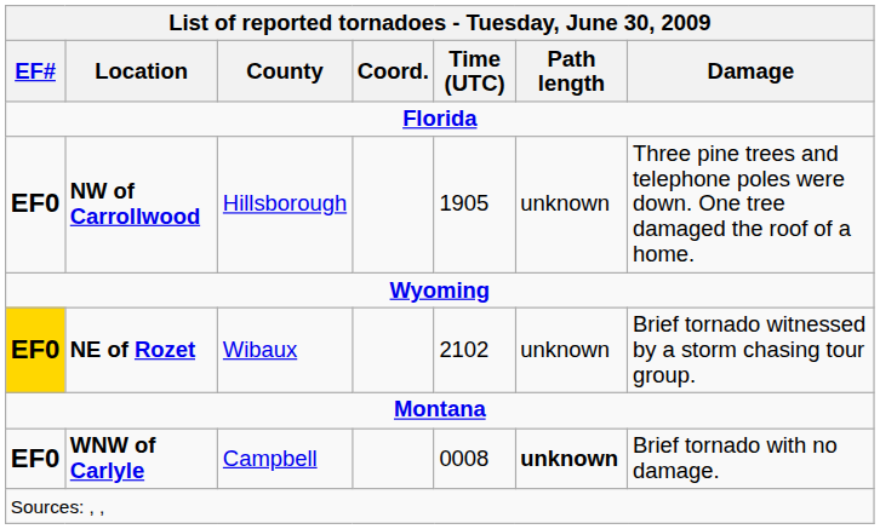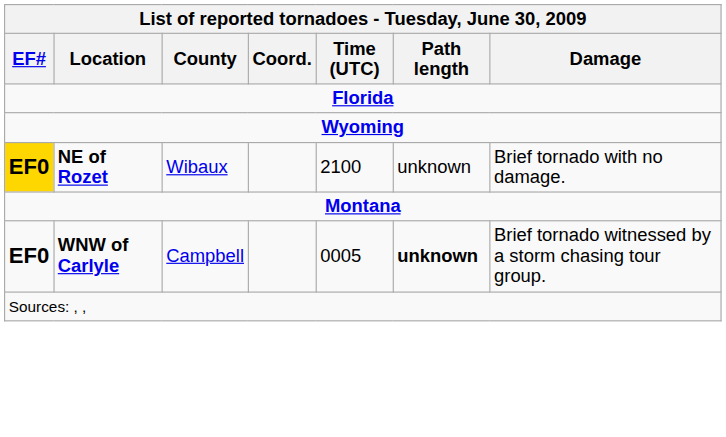 <table class="wikitable collapsible" width="100%">
 <tr>
 <th colspan="7">List of reported tornadoes - Tuesday, June 30, 2009</th>
 </tr>
 <tr>
 <th><a href='#'>EF#</a></th>
 <th>Location</th>
 <th>County</th>
 <th>Coord.</th>
 <th>Time (UTC)</th>
 <th>Path length</th>
 <th>Damage</th>
 </tr>
 <tr>
 <td colspan="7" align=center><strong><a href='#'>Florida</a></strong></td>
 </tr>
 <tr>
-<td><big><strong>EF0</strong></big></td>
-<td><strong>NW of <a href='#'>Carrollwood</a></strong></td>
-<td><a href='#'>Hillsborough</a></td>
-<td></td>
-<td>1905</td>
-<td>unknown</td>
-<td>Three pine trees and telephone poles were down. One tree damaged the roof of a home.</td>
-</tr>
-<tr>
 <td colspan="7" align=center><strong><a href='#'>Wyoming</a></strong></td>
 </tr>
 <tr>
 <td style="background: gold;"><big><strong>EF0</strong></big></td>
 <td><strong>NE of <a href='#'>Rozet</a></strong></td>
 <td><a href='#'>Wibaux</a></td>
 <td></td>
-<td>2102</td>
+<td>2100</td>
 <td>unknown</td>
-<td>Brief tornado witnessed by a storm chasing tour group.</td>
+<td>Brief tornado with no damage.</td>
 </tr>
 <tr>
 <td colspan="7" align=center><strong><a href='#'>Montana</a></strong></td>
 </tr>
 <tr>
 <td><big><strong>EF0</strong></big></td>
 <td><strong>WNW of <a href='#'>Carlyle</a></strong></td>
 <td><a href='#'>Campbell</a></td>
 <td></td>
-<td>0008</td>
+<td>0005</td>
 <td><strong>unknown</strong></td>
-<td>Brief tornado with no damage.</td>
+<td>Brief tornado witnessed by a storm chasing tour group.</td>
 </tr>
 <tr>
 <td colspan="7"><small>Sources: , , </small></td>
 </tr>
 </table>
